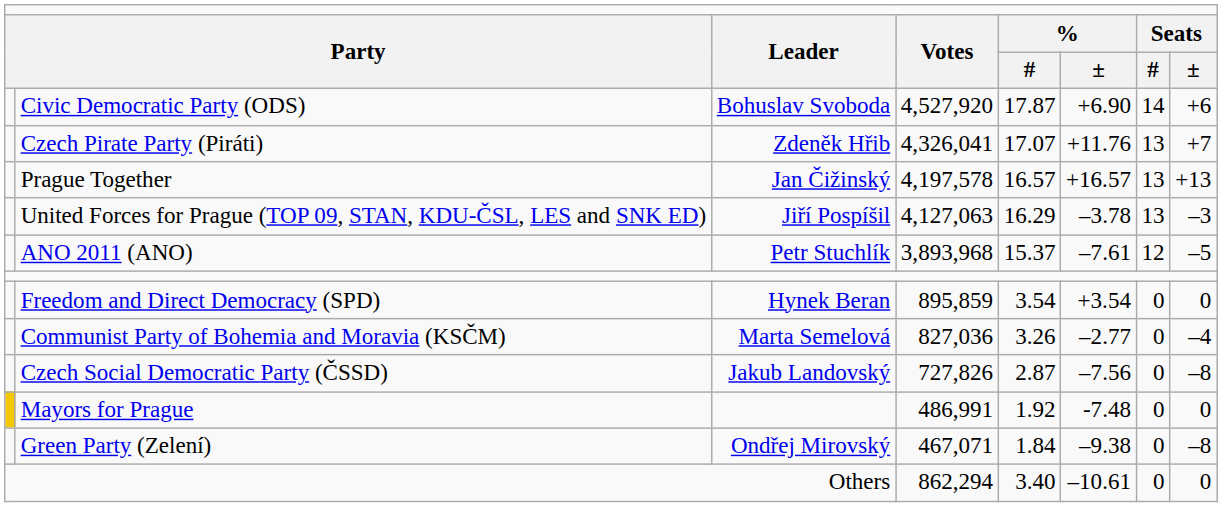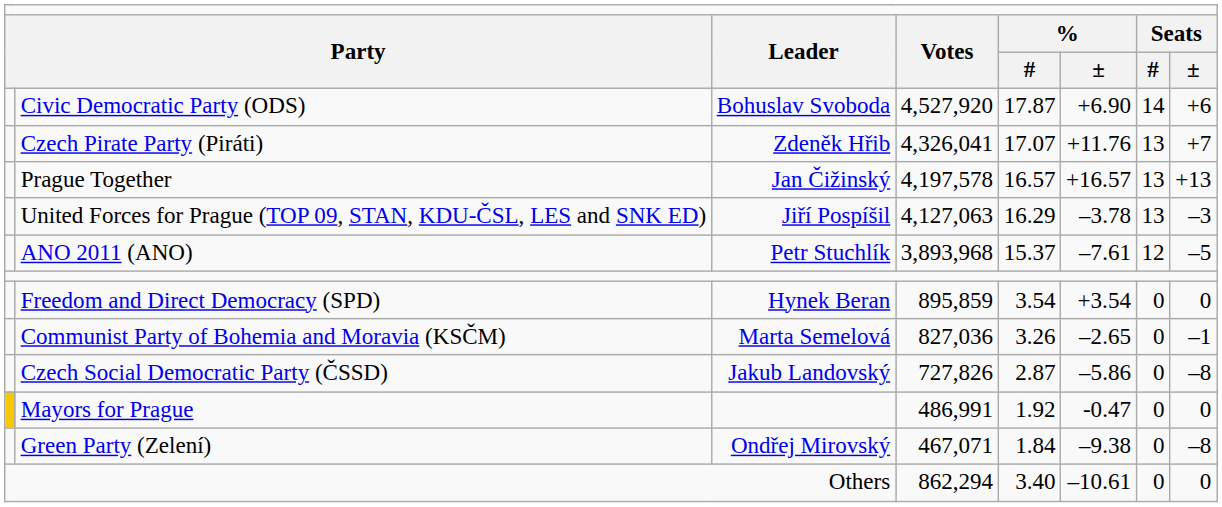 <table class=wikitable style=text-align:right>
 <tr>
 <td colspan="8"></td>
 </tr>
 <tr>
 <th colspan="2" rowspan="2">Party</th>
 <th rowspan="2">Leader</th>
 <th rowspan="2">Votes</th>
 <th colspan="2">%</th>
 <th colspan="2">Seats</th>
 </tr>
 <tr>
 <th>#</th>
 <th>±</th>
 <th>#</th>
 <th>±</th>
 </tr>
 <tr>
 <td></td>
 <td align="left"><a href='#'>Civic Democratic Party</a> (ODS)</td>
 <td><a href='#'>Bohuslav Svoboda</a></td>
 <td>4,527,920</td>
 <td>17.87</td>
 <td>+6.90</td>
 <td>14</td>
 <td>+6</td>
 </tr>
 <tr>
 <td></td>
 <td align="left"><a href='#'>Czech Pirate Party</a> (Piráti)</td>
 <td><a href='#'>Zdeněk Hřib</a></td>
 <td>4,326,041</td>
 <td>17.07</td>
 <td>+11.76</td>
 <td>13</td>
 <td>+7</td>
 </tr>
 <tr>
 <td></td>
 <td align="left">Prague Together</td>
 <td><a href='#'>Jan Čižinský</a></td>
 <td>4,197,578</td>
 <td>16.57</td>
 <td>+16.57</td>
 <td>13</td>
 <td>+13</td>
 </tr>
 <tr>
 <td></td>
 <td align="left">United Forces for Prague (<a href='#'>TOP 09</a>, <a href='#'>STAN</a>, <a href='#'>KDU-ČSL</a>, <a href='#'>LES</a> and <a href='#'>SNK ED</a>)</td>
 <td><a href='#'>Jiří Pospíšil</a></td>
 <td>4,127,063</td>
 <td>16.29</td>
 <td>–3.78</td>
 <td>13</td>
 <td>–3</td>
 </tr>
 <tr>
 <td></td>
 <td align="left"><a href='#'>ANO 2011</a> (ANO)</td>
 <td><a href='#'>Petr Stuchlík</a></td>
 <td>3,893,968</td>
 <td>15.37</td>
 <td>–7.61</td>
 <td>12</td>
 <td>–5</td>
 </tr>
 <tr>
 <td colspan="8"></td>
 </tr>
 <tr>
 <td></td>
 <td align="left"><a href='#'>Freedom and Direct Democracy</a> (SPD)</td>
 <td><a href='#'>Hynek Beran</a></td>
 <td>895,859</td>
 <td>3.54</td>
 <td>+3.54</td>
 <td>0</td>
 <td>0</td>
 </tr>
 <tr>
 <td></td>
 <td align="left"><a href='#'>Communist Party of Bohemia and Moravia</a> (KSČM)</td>
 <td><a href='#'>Marta Semelová</a></td>
 <td>827,036</td>
 <td>3.26</td>
-<td>–2.77</td>
+<td>–2.65</td>
 <td>0</td>
-<td>–4</td>
+<td>–1</td>
 </tr>
 <tr>
 <td></td>
 <td align="left"><a href='#'>Czech Social Democratic Party</a> (ČSSD)</td>
 <td><a href='#'>Jakub Landovský</a></td>
 <td>727,826</td>
 <td>2.87</td>
-<td>–7.56</td>
+<td>–5.86</td>
 <td>0</td>
 <td>–8</td>
 </tr>
 <tr>
 <td bgcolor=#F4C901></td>
 <td align="left"><a href='#'>Mayors for Prague</a></td>
 <td></td>
 <td>486,991</td>
 <td>1.92</td>
-<td>-7.48</td>
+<td>-0.47</td>
 <td>0</td>
 <td>0</td>
 </tr>
 <tr>
 <td></td>
 <td align="left"><a href='#'>Green Party</a> (Zelení)</td>
 <td><a href='#'>Ondřej Mirovský</a></td>
 <td>467,071</td>
 <td>1.84</td>
 <td>–9.38</td>
 <td>0</td>
 <td>–8</td>
 </tr>
 <tr>
 <td colspan="3">Others</td>
 <td>862,294</td>
 <td>3.40</td>
 <td>–10.61</td>
 <td>0</td>
 <td>0</td>
 </tr>
 </table>
